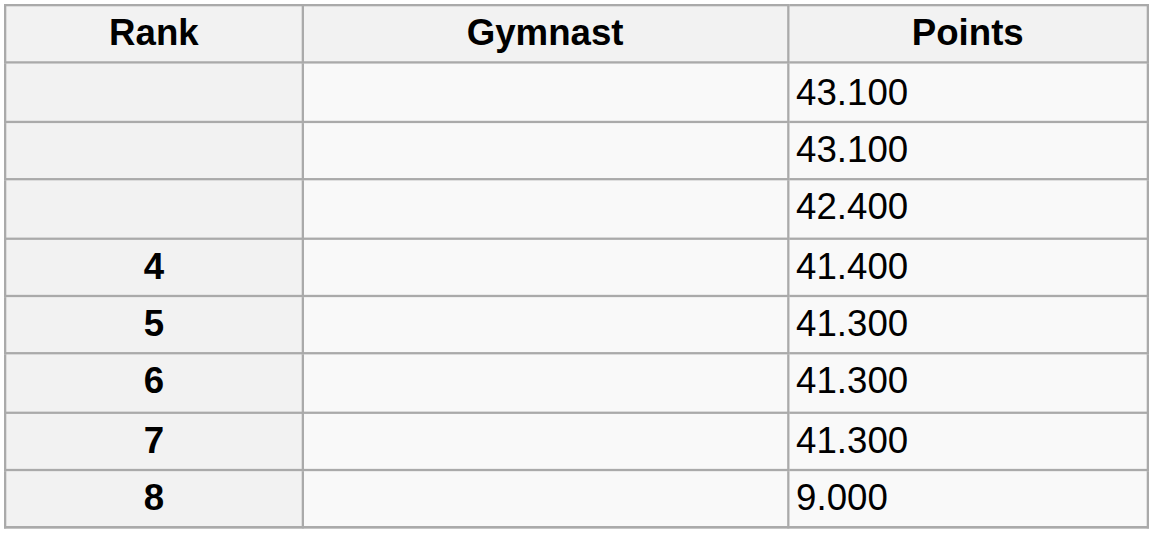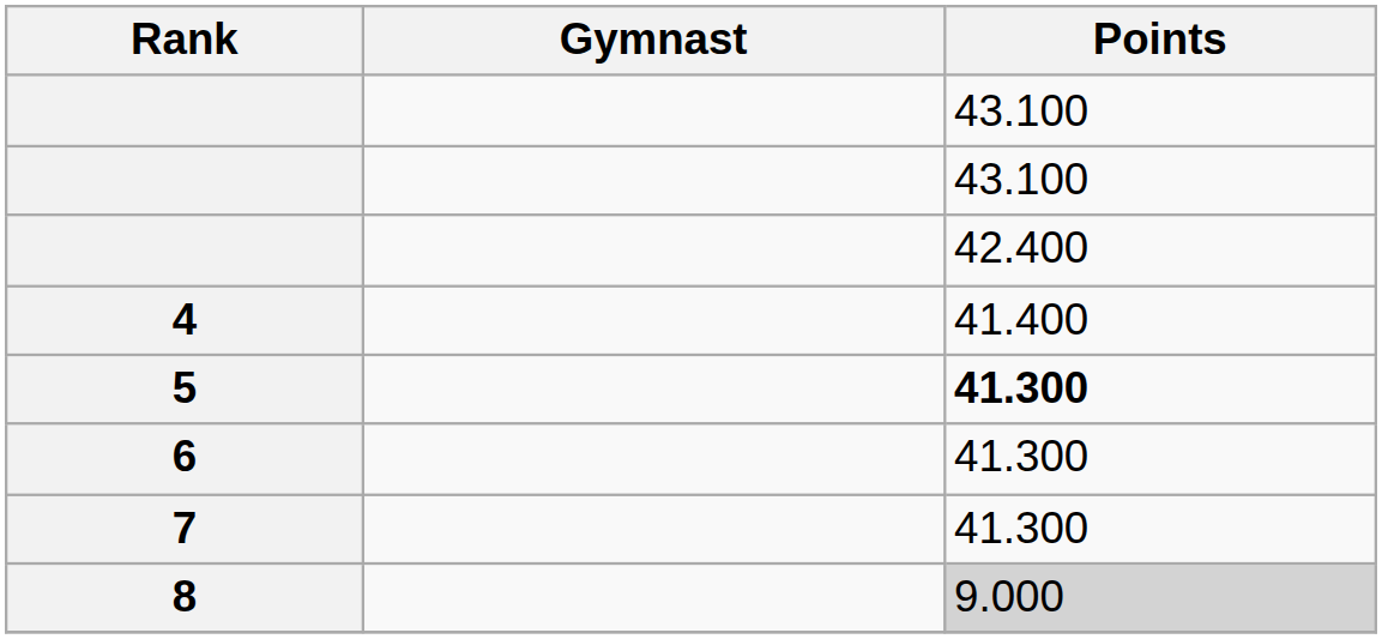 <table class="wikitable" width=500>
 <tr bgcolor="#efefef">
 <th>Rank</th>
 <th>Gymnast</th>
 <th>Points</th>
 </tr>
 <tr>
 <th></th>
 <td></td>
 <td>43.100</td>
 </tr>
 <tr>
 <th></th>
 <td></td>
 <td>43.100</td>
 </tr>
 <tr>
 <th></th>
 <td></td>
 <td>42.400</td>
 </tr>
 <tr>
 <th>4</th>
 <td></td>
 <td>41.400</td>
 </tr>
 <tr>
 <th>5</th>
 <td></td>
-<td>41.300</td>
+<td><strong>41.300</strong></td>
 </tr>
 <tr>
 <th>6</th>
 <td></td>
 <td>41.300</td>
 </tr>
 <tr>
 <th>7</th>
 <td></td>
 <td>41.300</td>
 </tr>
 <tr>
 <th>8</th>
 <td></td>
-<td>9.000</td>
+<td style="background: lightgrey;">9.000</td>
 </tr>
 <tr>
 </tr>
 </table>
